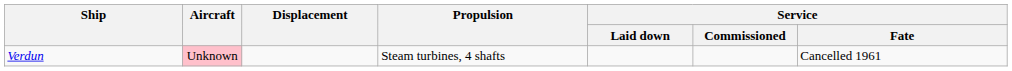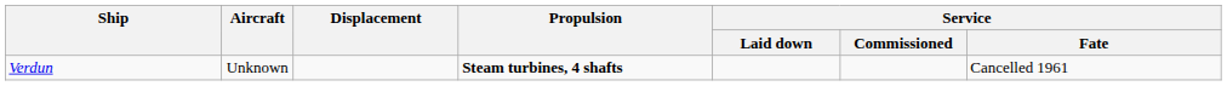 <table class="wikitable" style="width:98%;">
 <tr valign="top"|- valign="top">
 <th style="width:17%; text-align:center;" rowspan="2">Ship</th>
 <th style="width:5%; text-align:center;" rowspan="2">Aircraft</th>
 <th style="width:13%; text-align:center;" rowspan="2">Displacement</th>
 <th style="width:20%; text-align:center;" rowspan="2">Propulsion</th>
 <th style="width:40%; text-align:center;" colspan="3">Service</th>
 </tr>
 <tr valign="top">
 <th style="width:10%; text-align:center;">Laid down</th>
 <th style="width:10%; text-align:center;">Commissioned</th>
 <th style="width:20%; text-align:center;">Fate</th>
 </tr>
 <tr valign="top">
 <td align= left><em><a href='#'>Verdun</a></em></td>
-<td style="background: pink; text-align:center;">Unknown</td>
+<td style="text-align:center;">Unknown</td>
 <td style="text-align:center;"></td>
-<td align= left>Steam turbines, 4 shafts</td>
+<td align= left><strong>Steam turbines, 4 shafts</strong></td>
 <td style="text-align:center;"></td>
 <td style="text-align:center;"></td>
 <td align= left>Cancelled 1961</td>
 </tr>
 </table>
